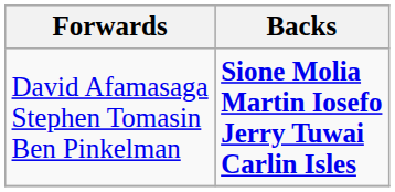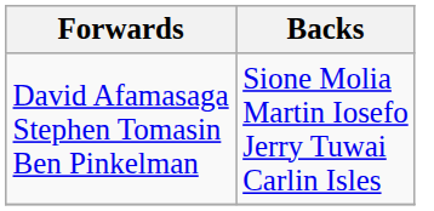 <table class=wikitable style="text-align: left;">
 <tr>
 <th align=center>Forwards</th>
 <th align=center>Backs</th>
 </tr>
 <tr>
 <td> <a href='#'>David Afamasaga</a> <br>  <a href='#'>Stephen Tomasin</a> <br>  <a href='#'>Ben Pinkelman</a></td>
-<td><strong> <a href='#'>Sione Molia</a> <br>  <a href='#'>Martin Iosefo</a> <br>  <a href='#'>Jerry Tuwai</a> <br>  <a href='#'>Carlin Isles</a></strong></td>
+<td> <a href='#'>Sione Molia</a> <br>  <a href='#'>Martin Iosefo</a> <br>  <a href='#'>Jerry Tuwai</a> <br>  <a href='#'>Carlin Isles</a></td>
 </tr>
 <tr>
 </tr>
 </table>
